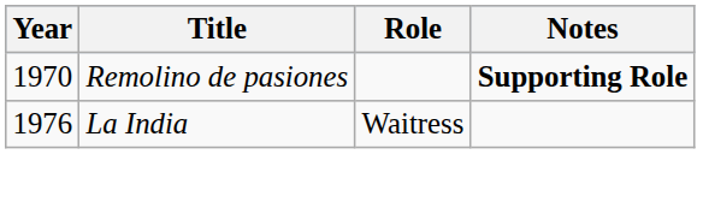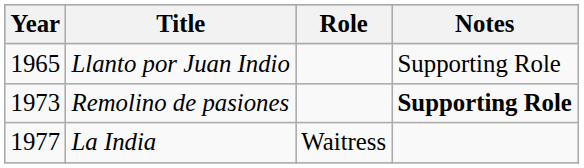 <table class="wikitable">
 <tr style="background:#b0c4de;">
 <th>Year</th>
 <th>Title</th>
 <th>Role</th>
 <th>Notes</th>
 </tr>
 <tr>
-<td>1970</td>
+<td>1965</td>
+<td><em>Llanto por Juan Indio</em></td>
+<td></td>
+<td>Supporting Role</td>
+</tr>
+<tr>
+<td>1973</td>
 <td><em>Remolino de pasiones</em></td>
 <td></td>
 <td><strong>Supporting Role</strong></td>
 </tr>
 <tr>
-<td>1976</td>
+<td>1977</td>
 <td><em>La India</em></td>
 <td>Waitress</td>
 <td></td>
 </tr>
 </table>
